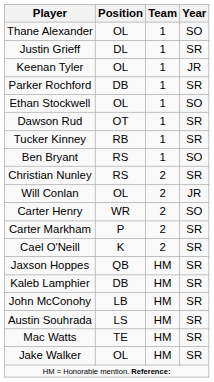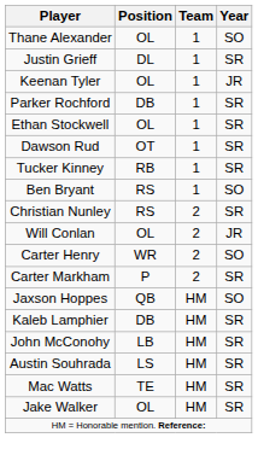 <table class="wikitable sortable sortable" style="text-align: center">
 <tr align=center>
 <th>Player</th>
 <th>Position</th>
 <th>Team</th>
 <th>Year</th>
 </tr>
 <tr>
 <td>Thane Alexander</td>
 <td>OL</td>
 <td>1</td>
 <td>SO</td>
 </tr>
 <tr>
 <td>Justin Grieff</td>
 <td>DL</td>
 <td>1</td>
 <td>SR</td>
 </tr>
 <tr>
 <td>Keenan Tyler</td>
 <td>OL</td>
 <td>1</td>
 <td>JR</td>
 </tr>
 <tr>
 <td>Parker Rochford</td>
 <td>DB</td>
 <td>1</td>
 <td>SR</td>
 </tr>
 <tr>
 <td>Ethan Stockwell</td>
 <td>OL</td>
 <td>1</td>
-<td>SO</td>
+<td>SR</td>
 </tr>
 <tr>
 <td>Dawson Rud</td>
 <td>OT</td>
 <td>1</td>
 <td>SR</td>
 </tr>
 <tr>
 <td>Tucker Kinney</td>
 <td>RB</td>
 <td>1</td>
 <td>SR</td>
 </tr>
 <tr>
 <td>Ben Bryant</td>
 <td>RS</td>
 <td>1</td>
 <td>SO</td>
 </tr>
 <tr>
 <td>Christian Nunley</td>
 <td>RS</td>
 <td>2</td>
 <td>SR</td>
 </tr>
 <tr>
 <td>Will Conlan</td>
 <td>OL</td>
 <td>2</td>
 <td>JR</td>
 </tr>
 <tr>
 <td>Carter Henry</td>
 <td>WR</td>
 <td>2</td>
 <td>SO</td>
 </tr>
 <tr>
 <td>Carter Markham</td>
 <td>P</td>
 <td>2</td>
 <td>SR</td>
 </tr>
 <tr>
-<td>Cael O'Neill</td>
-<td>K</td>
-<td>2</td>
-<td>SR</td>
-</tr>
-<tr>
 <td>Jaxson Hoppes</td>
 <td>QB</td>
 <td>HM</td>
-<td>SR</td>
+<td>SO</td>
 </tr>
 <tr>
 <td>Kaleb Lamphier</td>
 <td>DB</td>
 <td>HM</td>
 <td>SR</td>
 </tr>
 <tr>
 <td>John McConohy</td>
 <td>LB</td>
 <td>HM</td>
 <td>SR</td>
 </tr>
 <tr>
 <td>Austin Souhrada</td>
 <td>LS</td>
 <td>HM</td>
 <td>SR</td>
 </tr>
 <tr>
 <td>Mac Watts</td>
 <td>TE</td>
 <td>HM</td>
 <td>SR</td>
 </tr>
 <tr>
 <td>Jake Walker</td>
 <td>OL</td>
 <td>HM</td>
 <td>SR</td>
 </tr>
 <tr class="sortbottom">
 <td colspan="4"  style="font-size:8pt; text-align:center;">HM = Honorable mention. <strong>Reference:</strong></td>
 </tr>
 </table>
